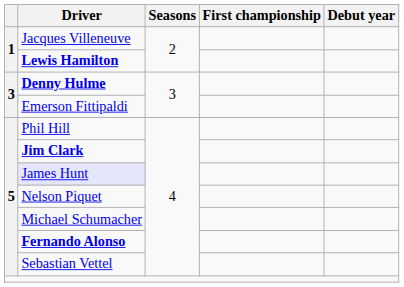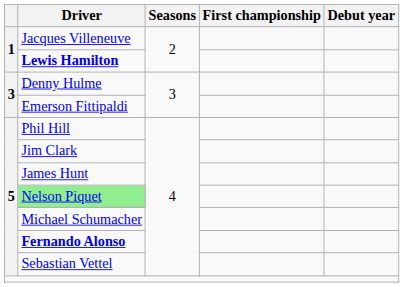 <table class="wikitable" style="text-align:center">
 <tr>
 <th></th>
 <th>Driver</th>
 <th>Seasons</th>
 <th>First championship</th>
 <th>Debut year</th>
 </tr>
 <tr>
 <th rowspan=2>1</th>
 <td align=left> <a href='#'>Jacques Villeneuve</a></td>
 <td rowspan=2>2</td>
 <td></td>
 <td></td>
 </tr>
 <tr>
 <td align=left> <strong><a href='#'>Lewis Hamilton</a></strong></td>
 <td></td>
 <td></td>
 </tr>
 <tr>
 <th rowspan=2>3</th>
-<td align=left><strong> <a href='#'>Denny Hulme</a></strong></td>
+<td align=left> <a href='#'>Denny Hulme</a></td>
 <td rowspan=2>3</td>
 <td></td>
 <td></td>
 </tr>
 <tr>
 <td align=left> <a href='#'>Emerson Fittipaldi</a></td>
 <td></td>
 <td></td>
 </tr>
 <tr>
 <th rowspan=7>5</th>
 <td align=left> <a href='#'>Phil Hill</a></td>
 <td rowspan="7">4</td>
 <td></td>
 <td></td>
 </tr>
 <tr>
-<td align=left><strong> <a href='#'>Jim Clark</a></strong></td>
+<td align=left> <a href='#'>Jim Clark</a></td>
 <td></td>
 <td></td>
 </tr>
 <tr>
-<td align=left style="background: lavender;"> <a href='#'>James Hunt</a></td>
+<td align=left> <a href='#'>James Hunt</a></td>
 <td></td>
 <td></td>
 </tr>
 <tr>
-<td align=left> <a href='#'>Nelson Piquet</a></td>
+<td align=left style="background: lightgreen;"> <a href='#'>Nelson Piquet</a></td>
 <td></td>
 <td></td>
 </tr>
 <tr>
 <td align=left> <a href='#'>Michael Schumacher</a></td>
 <td></td>
 <td></td>
 </tr>
 <tr>
 <td align=left> <strong><a href='#'>Fernando Alonso</a></strong></td>
 <td></td>
 <td></td>
 </tr>
 <tr>
 <td align=left> <a href='#'>Sebastian Vettel</a></td>
 <td></td>
 <td></td>
 </tr>
 <tr align=center>
 <td colspan=5></td>
 </tr>
 </table>
